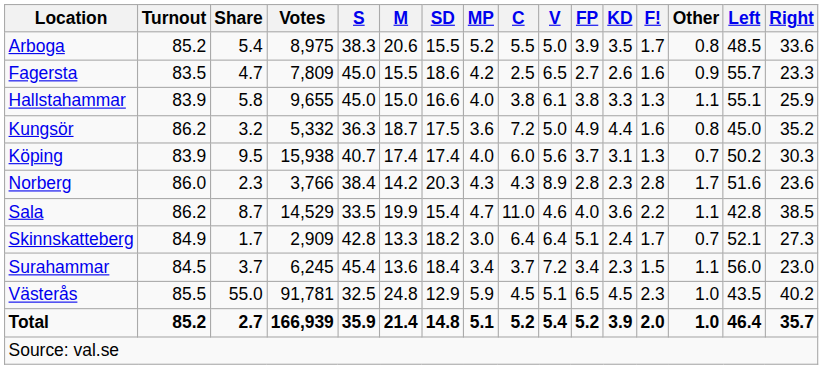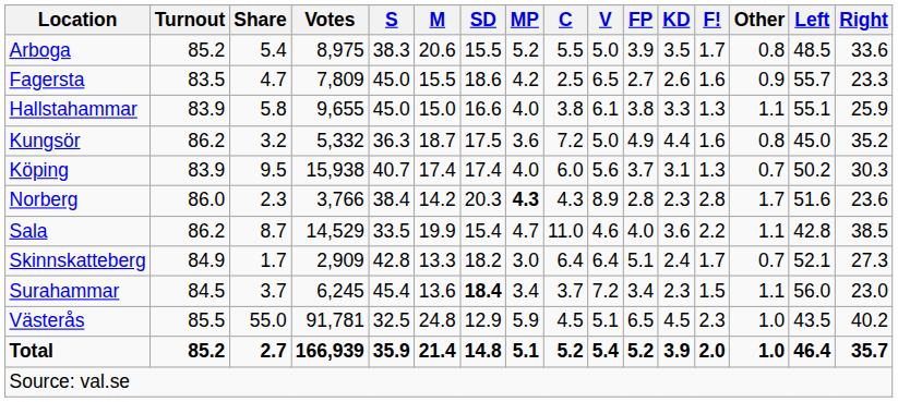 <table class="wikitable sortable" style=text-align:right>
 <tr>
 <th>Location</th>
 <th>Turnout</th>
 <th>Share</th>
 <th>Votes</th>
 <th><a href='#'>S</a></th>
 <th><a href='#'>M</a></th>
 <th><a href='#'>SD</a></th>
 <th><a href='#'>MP</a></th>
 <th><a href='#'>C</a></th>
 <th><a href='#'>V</a></th>
 <th><a href='#'>FP</a></th>
 <th><a href='#'>KD</a></th>
 <th><a href='#'>F!</a></th>
 <th>Other</th>
 <th><a href='#'>Left</a></th>
 <th><a href='#'>Right</a></th>
 </tr>
 <tr>
 <td align=left><a href='#'>Arboga</a></td>
 <td>85.2</td>
 <td>5.4</td>
 <td>8,975</td>
 <td>38.3</td>
 <td>20.6</td>
 <td>15.5</td>
 <td>5.2</td>
 <td>5.5</td>
 <td>5.0</td>
 <td>3.9</td>
 <td>3.5</td>
 <td>1.7</td>
 <td>0.8</td>
 <td>48.5</td>
 <td>33.6</td>
 </tr>
 <tr>
 <td align=left><a href='#'>Fagersta</a></td>
 <td>83.5</td>
 <td>4.7</td>
 <td>7,809</td>
 <td>45.0</td>
 <td>15.5</td>
 <td>18.6</td>
 <td>4.2</td>
 <td>2.5</td>
 <td>6.5</td>
 <td>2.7</td>
 <td>2.6</td>
 <td>1.6</td>
 <td>0.9</td>
 <td>55.7</td>
 <td>23.3</td>
 </tr>
 <tr>
 <td align=left><a href='#'>Hallstahammar</a></td>
 <td>83.9</td>
 <td>5.8</td>
 <td>9,655</td>
 <td>45.0</td>
 <td>15.0</td>
 <td>16.6</td>
 <td>4.0</td>
 <td>3.8</td>
 <td>6.1</td>
 <td>3.8</td>
 <td>3.3</td>
 <td>1.3</td>
 <td>1.1</td>
 <td>55.1</td>
 <td>25.9</td>
 </tr>
 <tr>
 <td align=left><a href='#'>Kungsör</a></td>
 <td>86.2</td>
 <td>3.2</td>
 <td>5,332</td>
 <td>36.3</td>
 <td>18.7</td>
 <td>17.5</td>
 <td>3.6</td>
 <td>7.2</td>
 <td>5.0</td>
 <td>4.9</td>
 <td>4.4</td>
 <td>1.6</td>
 <td>0.8</td>
 <td>45.0</td>
 <td>35.2</td>
 </tr>
 <tr>
 <td align=left><a href='#'>Köping</a></td>
 <td>83.9</td>
 <td>9.5</td>
 <td>15,938</td>
 <td>40.7</td>
 <td>17.4</td>
 <td>17.4</td>
 <td>4.0</td>
 <td>6.0</td>
 <td>5.6</td>
 <td>3.7</td>
 <td>3.1</td>
 <td>1.3</td>
 <td>0.7</td>
 <td>50.2</td>
 <td>30.3</td>
 </tr>
 <tr>
 <td align=left><a href='#'>Norberg</a></td>
 <td>86.0</td>
 <td>2.3</td>
 <td>3,766</td>
 <td>38.4</td>
 <td>14.2</td>
 <td>20.3</td>
-<td>4.3</td>
+<td><strong>4.3</strong></td>
 <td>4.3</td>
 <td>8.9</td>
 <td>2.8</td>
 <td>2.3</td>
 <td>2.8</td>
 <td>1.7</td>
 <td>51.6</td>
 <td>23.6</td>
 </tr>
 <tr>
 <td align=left><a href='#'>Sala</a></td>
 <td>86.2</td>
 <td>8.7</td>
 <td>14,529</td>
 <td>33.5</td>
 <td>19.9</td>
 <td>15.4</td>
 <td>4.7</td>
 <td>11.0</td>
 <td>4.6</td>
 <td>4.0</td>
 <td>3.6</td>
 <td>2.2</td>
 <td>1.1</td>
 <td>42.8</td>
 <td>38.5</td>
 </tr>
 <tr>
 <td align=left><a href='#'>Skinnskatteberg</a></td>
 <td>84.9</td>
 <td>1.7</td>
 <td>2,909</td>
 <td>42.8</td>
 <td>13.3</td>
 <td>18.2</td>
 <td>3.0</td>
 <td>6.4</td>
 <td>6.4</td>
 <td>5.1</td>
 <td>2.4</td>
 <td>1.7</td>
 <td>0.7</td>
 <td>52.1</td>
 <td>27.3</td>
 </tr>
 <tr>
 <td align=left><a href='#'>Surahammar</a></td>
 <td>84.5</td>
 <td>3.7</td>
 <td>6,245</td>
 <td>45.4</td>
 <td>13.6</td>
-<td>18.4</td>
+<td><strong>18.4</strong></td>
 <td>3.4</td>
 <td>3.7</td>
 <td>7.2</td>
 <td>3.4</td>
 <td>2.3</td>
 <td>1.5</td>
 <td>1.1</td>
 <td>56.0</td>
 <td>23.0</td>
 </tr>
 <tr>
 <td align=left><a href='#'>Västerås</a></td>
 <td>85.5</td>
 <td>55.0</td>
 <td>91,781</td>
 <td>32.5</td>
 <td>24.8</td>
 <td>12.9</td>
 <td>5.9</td>
 <td>4.5</td>
 <td>5.1</td>
 <td>6.5</td>
 <td>4.5</td>
 <td>2.3</td>
 <td>1.0</td>
 <td>43.5</td>
 <td>40.2</td>
 </tr>
 <tr>
 <td align=left><strong>Total</strong></td>
 <td><strong>85.2</strong></td>
 <td><strong>2.7</strong></td>
 <td><strong>166,939</strong></td>
 <td><strong>35.9</strong></td>
 <td><strong>21.4</strong></td>
 <td><strong>14.8</strong></td>
 <td><strong>5.1</strong></td>
 <td><strong>5.2</strong></td>
 <td><strong>5.4</strong></td>
 <td><strong>5.2</strong></td>
 <td><strong>3.9</strong></td>
 <td><strong>2.0</strong></td>
 <td><strong>1.0</strong></td>
 <td><strong>46.4</strong></td>
 <td><strong>35.7</strong></td>
 </tr>
 <tr>
 <td align=left colspan=16>Source: val.se </td>
 </tr>
 </table>
